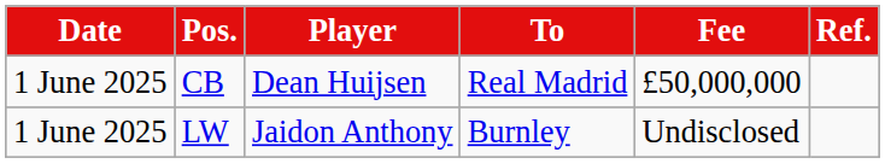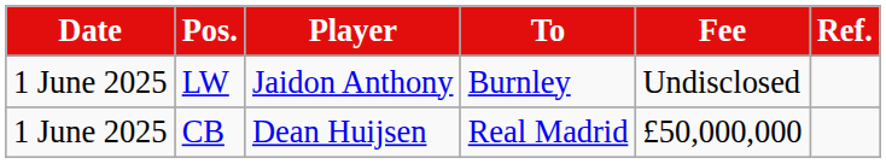 <table class="wikitable plainrowheaders sortable">
 <tr>
 <th style="background:#e20e0e;color:#FFFFFF;">Date</th>
 <th style="background:#e20e0e;color:#FFFFFF;">Pos.</th>
 <th style="background:#e20e0e;color:#FFFFFF;">Player</th>
 <th style="background:#e20e0e;color:#FFFFFF;">To</th>
 <th style="background:#e20e0e;color:#FFFFFF;">Fee</th>
 <th style="background:#e20e0e;color:#FFFFFF;">Ref.</th>
 </tr>
 <tr>
 <td>1 June 2025</td>
+<td><a href='#'>LW</a></td>
+<td> <a href='#'>Jaidon Anthony</a></td>
+<td> <a href='#'>Burnley</a></td>
+<td>Undisclosed</td>
+<td></td>
+</tr>
+<tr>
+<td>1 June 2025</td>
 <td><a href='#'>CB</a></td>
 <td> <a href='#'>Dean Huijsen</a></td>
 <td> <a href='#'>Real Madrid</a></td>
 <td>£50,000,000</td>
 <td></td>
 </tr>
-<tr>
-<td>1 June 2025</td>
-<td><a href='#'>LW</a></td>
-<td> <a href='#'>Jaidon Anthony</a></td>
-<td> <a href='#'>Burnley</a></td>
-<td>Undisclosed</td>
-<td></td>
-</tr>
 </table>
